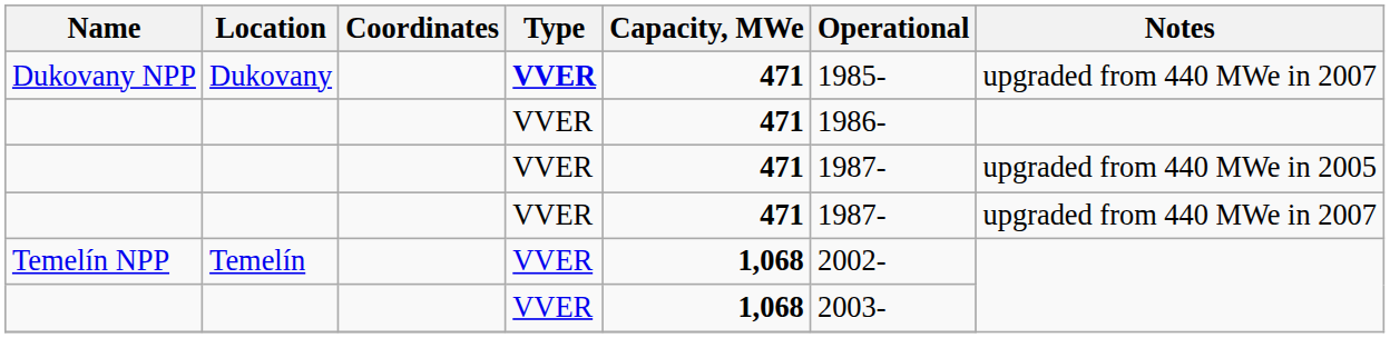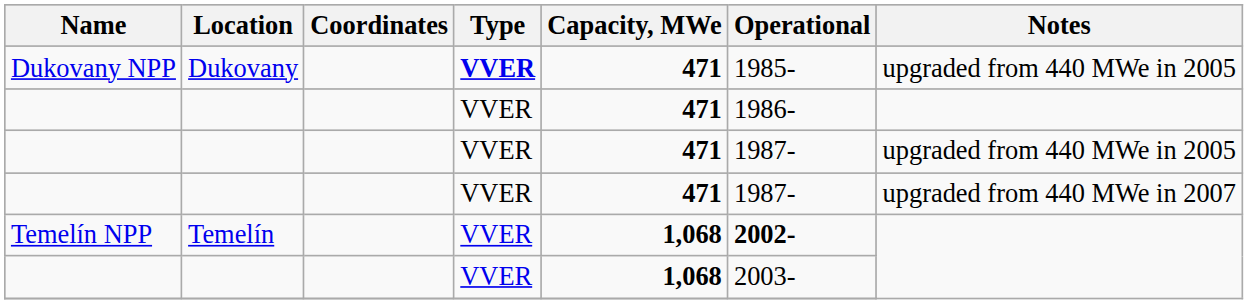 <table class="wikitable sortable">
 <tr>
 <th>Name</th>
 <th>Location</th>
 <th>Coordinates</th>
 <th>Type</th>
 <th>Capacity, MWe</th>
 <th>Operational</th>
 <th>Notes</th>
 </tr>
 <tr>
 <td><a href='#'>Dukovany NPP</a></td>
 <td><a href='#'>Dukovany</a></td>
 <td></td>
 <td><strong><a href='#'>VVER</a></strong></td>
 <td align="right"><strong>471</strong></td>
 <td>1985-</td>
-<td>upgraded from 440 MWe in 2007</td>
+<td>upgraded from 440 MWe in 2005</td>
 </tr>
 <tr>
 <td></td>
 <td></td>
 <td></td>
 <td>VVER</td>
 <td align="right"><strong>471</strong></td>
 <td>1986-</td>
 </tr>
 <tr>
 <td></td>
 <td></td>
 <td></td>
 <td>VVER</td>
 <td align="right"><strong>471</strong></td>
 <td>1987-</td>
 <td>upgraded from 440 MWe in 2005</td>
 </tr>
 <tr>
 <td></td>
 <td></td>
 <td></td>
 <td>VVER</td>
 <td align="right"><strong>471</strong></td>
 <td>1987-</td>
 <td>upgraded from 440 MWe in 2007</td>
 </tr>
 <tr>
 <td><a href='#'>Temelín NPP</a></td>
 <td><a href='#'>Temelín</a></td>
 <td></td>
 <td><a href='#'>VVER</a></td>
 <td align="right"><strong>1,068</strong></td>
-<td>2002-</td>
+<td><strong>2002-</strong></td>
 </tr>
 <tr>
 <td></td>
 <td></td>
 <td></td>
 <td><a href='#'>VVER</a></td>
 <td align="right"><strong>1,068</strong></td>
 <td>2003-</td>
 </tr>
 <tr>
 </tr>
 </table>
